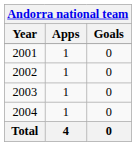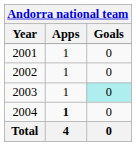 <table class="wikitable" style="text-align:center">
 <tr>
 <th colspan=3><a href='#'>Andorra national team</a></th>
 </tr>
 <tr>
 <th>Year</th>
 <th>Apps</th>
 <th>Goals</th>
 </tr>
 <tr>
 </tr>
 <tr>
 <td>2001</td>
 <td>1</td>
 <td>0</td>
 </tr>
 <tr>
 <td>2002</td>
 <td>1</td>
 <td>0</td>
 </tr>
 <tr>
 <td>2003</td>
 <td>1</td>
-<td>0</td>
+<td style="background: paleturquoise;">0</td>
 </tr>
 <tr>
 <td>2004</td>
-<td>1</td>
+<td><strong>1</strong></td>
 <td>0</td>
 </tr>
 <tr>
 <th>Total</th>
 <th>4</th>
 <th>0</th>
 </tr>
 </table>
